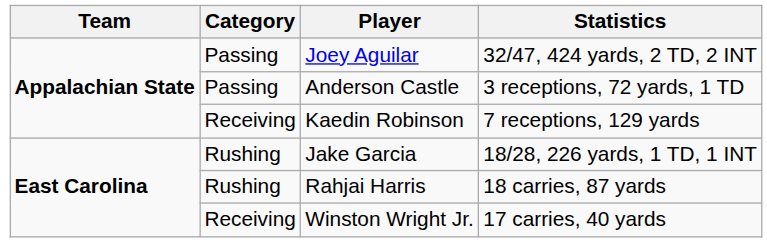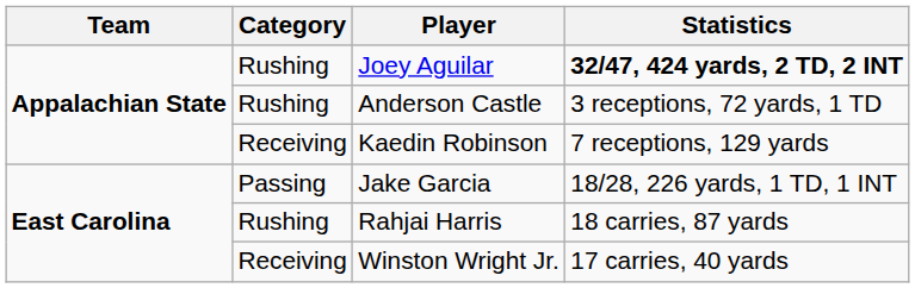 <table class="wikitable" style="float: right;">
 <tr>
 <th>Team</th>
 <th>Category</th>
 <th>Player</th>
 <th>Statistics</th>
 </tr>
 <tr>
 <td rowspan=3><strong>Appalachian State</strong></td>
-<td>Passing</td>
+<td>Rushing</td>
 <td><a href='#'>Joey Aguilar</a></td>
-<td>32/47, 424 yards, 2 TD, 2 INT</td>
+<td><strong>32/47, 424 yards, 2 TD, 2 INT</strong></td>
 </tr>
 <tr>
-<td>Passing</td>
+<td>Rushing</td>
 <td>Anderson Castle</td>
 <td>3 receptions, 72 yards, 1 TD</td>
 </tr>
 <tr>
 <td>Receiving</td>
 <td>Kaedin Robinson</td>
 <td>7 receptions, 129 yards</td>
 </tr>
 <tr>
 <td rowspan=3><strong>East Carolina</strong></td>
-<td>Rushing</td>
+<td>Passing</td>
 <td>Jake Garcia</td>
 <td>18/28, 226 yards, 1 TD, 1 INT</td>
 </tr>
 <tr>
 <td>Rushing</td>
 <td>Rahjai Harris</td>
 <td>18 carries, 87 yards</td>
 </tr>
 <tr>
 <td>Receiving</td>
 <td>Winston Wright Jr.</td>
 <td>17 carries, 40 yards</td>
 </tr>
 </table>
